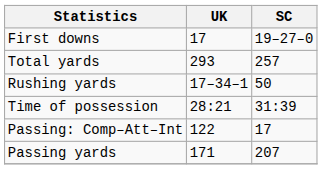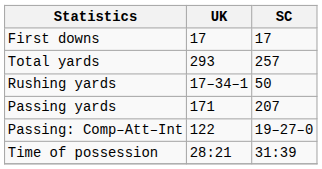 <table class="wikitable" style="float: left;">
 <tr>
 <th>Statistics</th>
 <th>UK</th>
 <th>SC</th>
 </tr>
 <tr>
 <td>First downs</td>
 <td>17</td>
-<td>19–27–0</td>
+<td>17</td>
 </tr>
 <tr>
 <td>Total yards</td>
 <td>293</td>
 <td>257</td>
 </tr>
 <tr>
 <td>Rushing yards</td>
 <td>17–34–1</td>
 <td>50</td>
 </tr>
 <tr>
+<td>Passing yards</td>
+<td>171</td>
+<td>207</td>
+</tr>
+<tr>
+<td>Passing: Comp–Att–Int</td>
+<td>122</td>
+<td>19–27–0</td>
+</tr>
+<tr>
 <td>Time of possession</td>
 <td>28:21</td>
 <td>31:39</td>
 </tr>
 <tr>
-<td>Passing: Comp–Att–Int</td>
-<td>122</td>
-<td>17</td>
-</tr>
-<tr>
-<td>Passing yards</td>
-<td>171</td>
-<td>207</td>
-</tr>
-<tr>
 </tr>
 </table>
